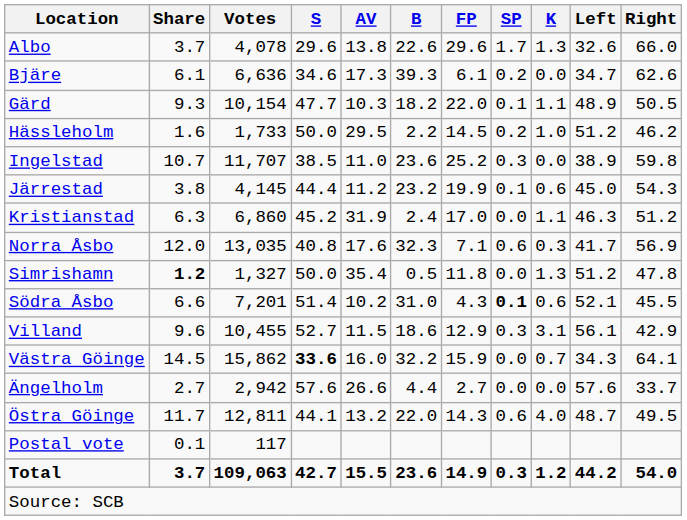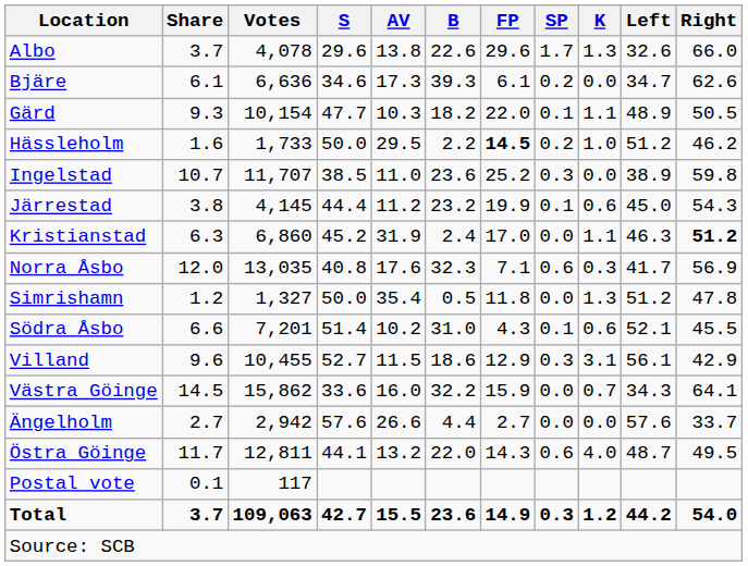 <table class="wikitable sortable" style=text-align:right>
 <tr>
 <th>Location</th>
 <th>Share</th>
 <th>Votes</th>
 <th><a href='#'>S</a></th>
 <th><a href='#'>AV</a></th>
 <th><a href='#'>B</a></th>
 <th><a href='#'>FP</a></th>
 <th><a href='#'>SP</a></th>
 <th><a href='#'>K</a></th>
 <th>Left</th>
 <th>Right</th>
 </tr>
 <tr>
 <td align=left><a href='#'>Albo</a></td>
 <td>3.7</td>
 <td>4,078</td>
 <td>29.6</td>
 <td>13.8</td>
 <td>22.6</td>
 <td>29.6</td>
 <td>1.7</td>
 <td>1.3</td>
 <td>32.6</td>
 <td>66.0</td>
 </tr>
 <tr>
 <td align=left><a href='#'>Bjäre</a></td>
 <td>6.1</td>
 <td>6,636</td>
 <td>34.6</td>
 <td>17.3</td>
 <td>39.3</td>
 <td>6.1</td>
 <td>0.2</td>
 <td>0.0</td>
 <td>34.7</td>
 <td>62.6</td>
 </tr>
 <tr>
 <td align=left><a href='#'>Gärd</a></td>
 <td>9.3</td>
 <td>10,154</td>
 <td>47.7</td>
 <td>10.3</td>
 <td>18.2</td>
 <td>22.0</td>
 <td>0.1</td>
 <td>1.1</td>
 <td>48.9</td>
 <td>50.5</td>
 </tr>
 <tr>
 <td align=left><a href='#'>Hässleholm</a></td>
 <td>1.6</td>
 <td>1,733</td>
 <td>50.0</td>
 <td>29.5</td>
 <td>2.2</td>
-<td>14.5</td>
+<td><strong>14.5</strong></td>
 <td>0.2</td>
 <td>1.0</td>
 <td>51.2</td>
 <td>46.2</td>
 </tr>
 <tr>
 <td align=left><a href='#'>Ingelstad</a></td>
 <td>10.7</td>
 <td>11,707</td>
 <td>38.5</td>
 <td>11.0</td>
 <td>23.6</td>
 <td>25.2</td>
 <td>0.3</td>
 <td>0.0</td>
 <td>38.9</td>
 <td>59.8</td>
 </tr>
 <tr>
 <td align=left><a href='#'>Järrestad</a></td>
 <td>3.8</td>
 <td>4,145</td>
 <td>44.4</td>
 <td>11.2</td>
 <td>23.2</td>
 <td>19.9</td>
 <td>0.1</td>
 <td>0.6</td>
 <td>45.0</td>
 <td>54.3</td>
 </tr>
 <tr>
 <td align=left><a href='#'>Kristianstad</a></td>
 <td>6.3</td>
 <td>6,860</td>
 <td>45.2</td>
 <td>31.9</td>
 <td>2.4</td>
 <td>17.0</td>
 <td>0.0</td>
 <td>1.1</td>
 <td>46.3</td>
-<td>51.2</td>
+<td><strong>51.2</strong></td>
 </tr>
 <tr>
 <td align=left><a href='#'>Norra Åsbo</a></td>
 <td>12.0</td>
 <td>13,035</td>
 <td>40.8</td>
 <td>17.6</td>
 <td>32.3</td>
 <td>7.1</td>
 <td>0.6</td>
 <td>0.3</td>
 <td>41.7</td>
 <td>56.9</td>
 </tr>
 <tr>
 <td align=left><a href='#'>Simrishamn</a></td>
-<td><strong>1.2</strong></td>
+<td>1.2</td>
 <td>1,327</td>
 <td>50.0</td>
 <td>35.4</td>
 <td>0.5</td>
 <td>11.8</td>
 <td>0.0</td>
 <td>1.3</td>
 <td>51.2</td>
 <td>47.8</td>
 </tr>
 <tr>
 <td align=left><a href='#'>Södra Åsbo</a></td>
 <td>6.6</td>
 <td>7,201</td>
 <td>51.4</td>
 <td>10.2</td>
 <td>31.0</td>
 <td>4.3</td>
-<td><strong>0.1</strong></td>
+<td>0.1</td>
 <td>0.6</td>
 <td>52.1</td>
 <td>45.5</td>
 </tr>
 <tr>
 <td align=left><a href='#'>Villand</a></td>
 <td>9.6</td>
 <td>10,455</td>
 <td>52.7</td>
 <td>11.5</td>
 <td>18.6</td>
 <td>12.9</td>
 <td>0.3</td>
 <td>3.1</td>
 <td>56.1</td>
 <td>42.9</td>
 </tr>
 <tr>
 <td align=left><a href='#'>Västra Göinge</a></td>
 <td>14.5</td>
 <td>15,862</td>
-<td><strong>33.6</strong></td>
+<td>33.6</td>
 <td>16.0</td>
 <td>32.2</td>
 <td>15.9</td>
 <td>0.0</td>
 <td>0.7</td>
 <td>34.3</td>
 <td>64.1</td>
 </tr>
 <tr>
 <td align=left><a href='#'>Ängelholm</a></td>
 <td>2.7</td>
 <td>2,942</td>
 <td>57.6</td>
 <td>26.6</td>
 <td>4.4</td>
 <td>2.7</td>
 <td>0.0</td>
 <td>0.0</td>
 <td>57.6</td>
 <td>33.7</td>
 </tr>
 <tr>
 <td align=left><a href='#'>Östra Göinge</a></td>
 <td>11.7</td>
 <td>12,811</td>
 <td>44.1</td>
 <td>13.2</td>
 <td>22.0</td>
 <td>14.3</td>
 <td>0.6</td>
 <td>4.0</td>
 <td>48.7</td>
 <td>49.5</td>
 </tr>
 <tr>
 <td align=left><a href='#'>Postal vote</a></td>
 <td>0.1</td>
 <td>117</td>
 <td></td>
 <td></td>
 <td></td>
 <td></td>
 <td></td>
 <td></td>
 <td></td>
 <td></td>
 </tr>
 <tr>
 <td align=left><strong>Total</strong></td>
 <td><strong>3.7</strong></td>
 <td><strong>109,063</strong></td>
 <td><strong>42.7</strong></td>
 <td><strong>15.5</strong></td>
 <td><strong>23.6</strong></td>
 <td><strong>14.9</strong></td>
 <td><strong>0.3</strong></td>
 <td><strong>1.2</strong></td>
 <td><strong>44.2</strong></td>
 <td><strong>54.0</strong></td>
 </tr>
 <tr>
 <td align=left colspan=11>Source: SCB </td>
 </tr>
 </table>
